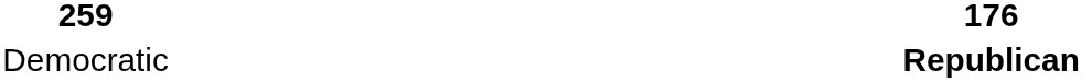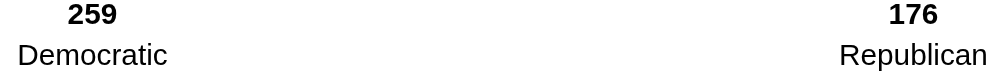 <table style="width:70%; text-align:center">
 <tr>
 <td style="background:"><strong>259</strong></td>
 <td style="background:"><strong>176</strong></td>
 </tr>
 <tr>
 <td>Democratic</td>
-<td><strong>Republican</strong></td>
+<td>Republican</td>
 </tr>
 </table>
